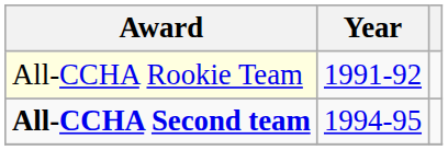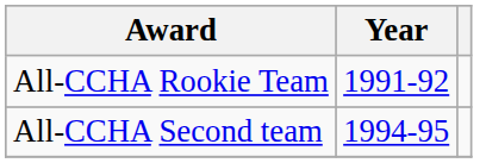 <table class="wikitable">
 <tr>
 <th>Award</th>
 <th>Year</th>
 <th></th>
 </tr>
 <tr>
-<td style="background: lightyellow;">All-<a href='#'>CCHA</a> <a href='#'>Rookie Team</a></td>
+<td>All-<a href='#'>CCHA</a> <a href='#'>Rookie Team</a></td>
 <td><a href='#'>1991-92</a></td>
 <td></td>
 </tr>
 <tr>
-<td><strong>All-<a href='#'>CCHA</a> <a href='#'>Second team</a></strong></td>
+<td>All-<a href='#'>CCHA</a> <a href='#'>Second team</a></td>
 <td><a href='#'>1994-95</a></td>
 <td></td>
 </tr>
 <tr>
 </tr>
 </table>
